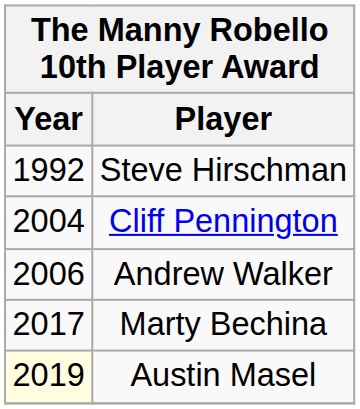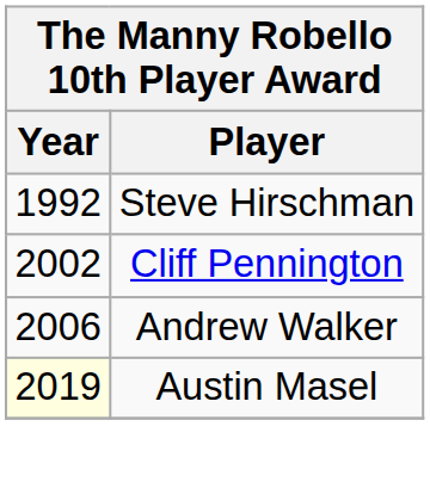 <table class="wikitable" style="display: inline-table; margin-right: 20px; text-align:center">
 <tr>
 <th scope="col" colspan="2" style="width: 145px;">The Manny Robello 10th Player Award</th>
 </tr>
 <tr>
 <th scope="col">Year</th>
 <th scope="col">Player</th>
 </tr>
 <tr>
 <td>1992</td>
 <td>Steve Hirschman</td>
 </tr>
 <tr>
-<td>2004</td>
+<td>2002</td>
 <td><a href='#'>Cliff Pennington</a></td>
 </tr>
 <tr>
 <td>2006</td>
 <td>Andrew Walker</td>
-</tr>
-<tr>
-<td>2017</td>
-<td>Marty Bechina</td>
 </tr>
 <tr>
 <td style="background: lightyellow;">2019</td>
 <td>Austin Masel</td>
 </tr>
 <tr>
 </tr>
 </table>
